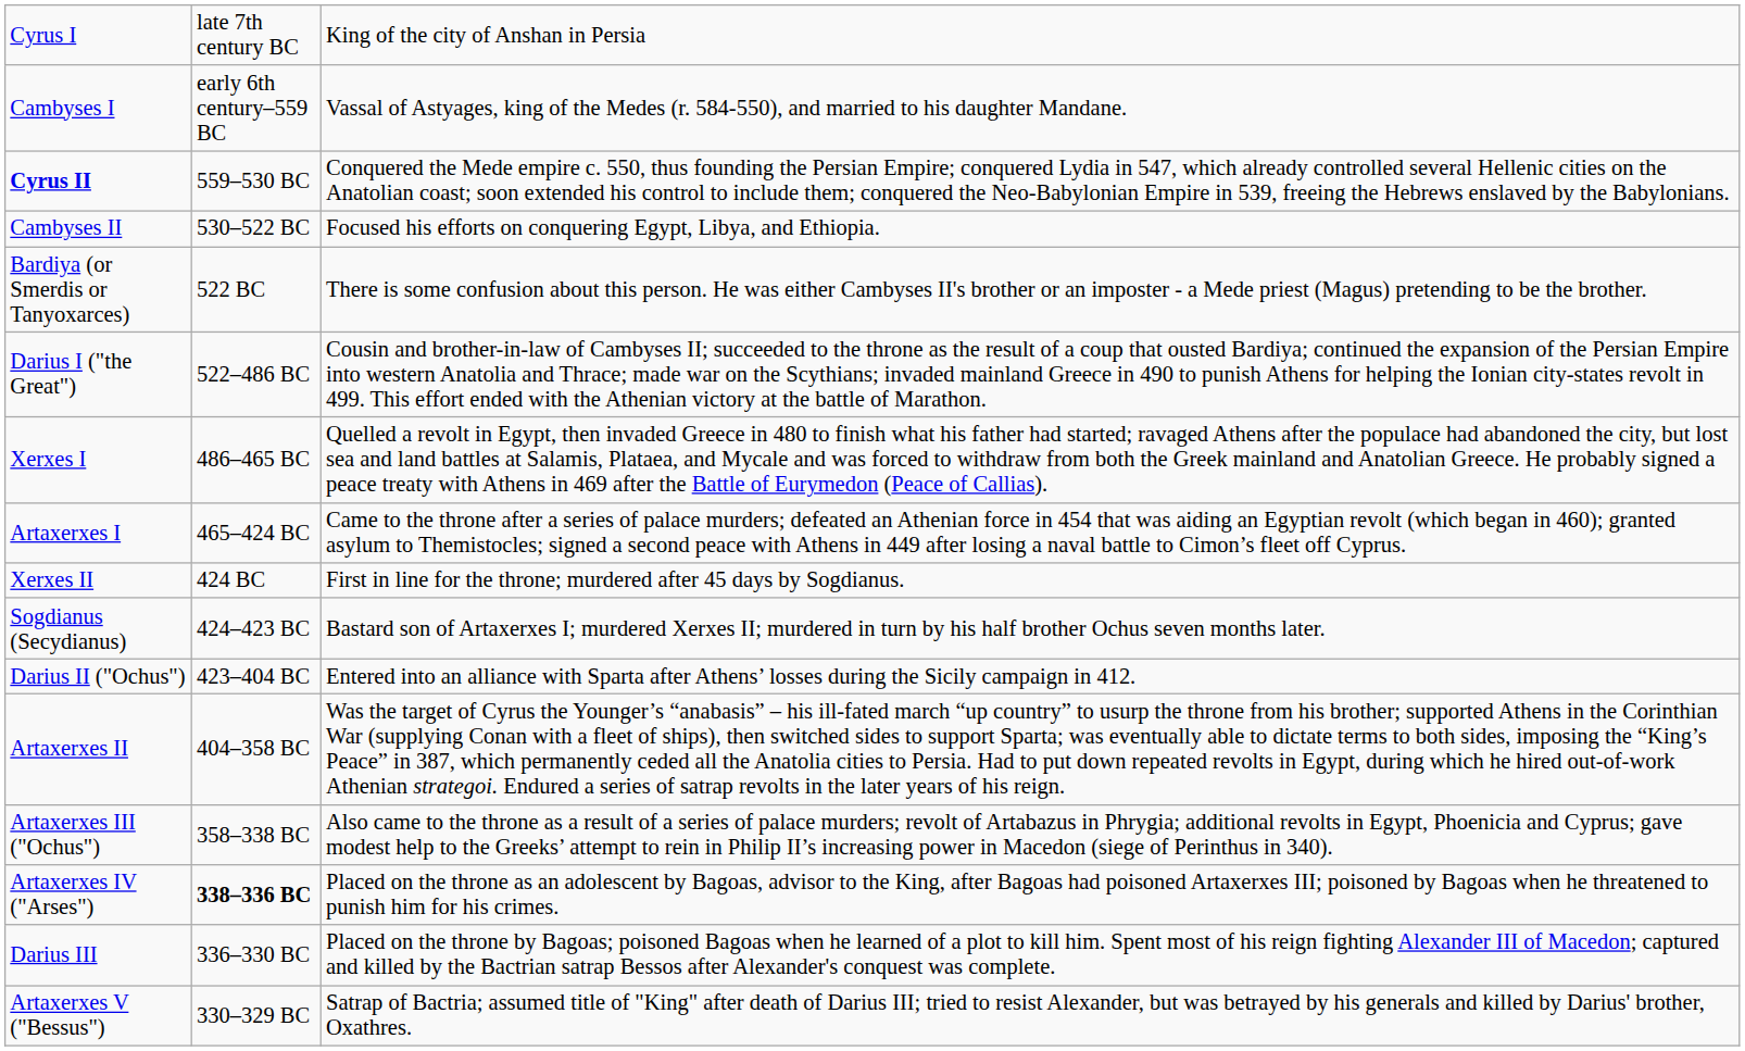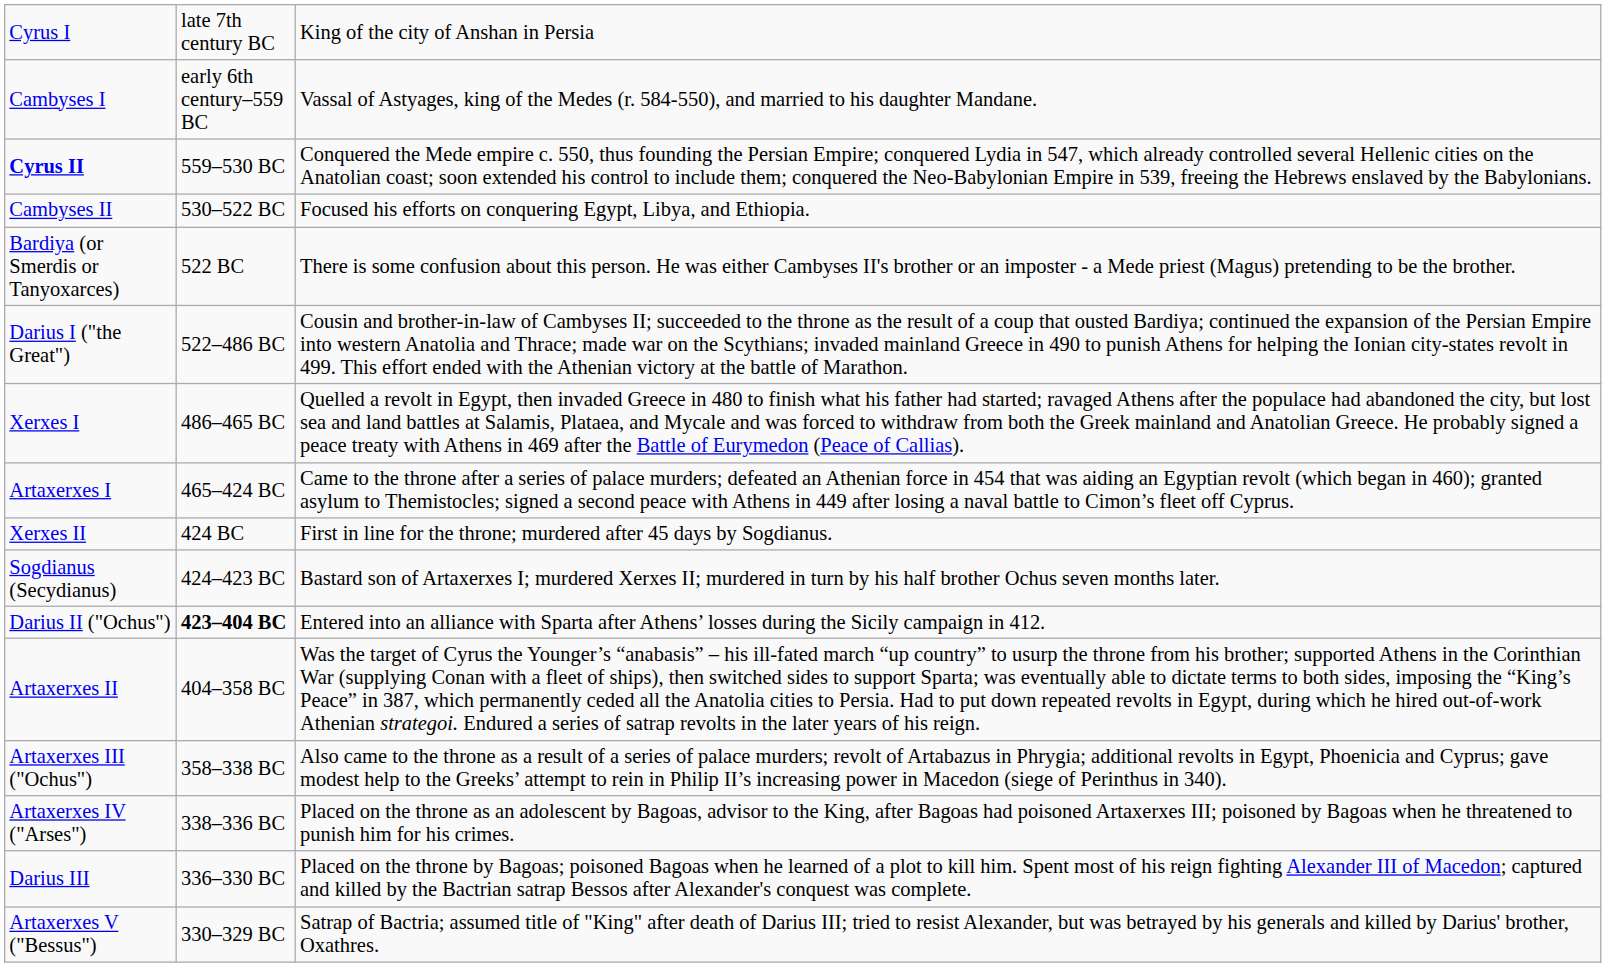 <table class="wikitable" align="center">
 <tr>
 <td><a href='#'>Cyrus I</a></td>
 <td>late 7th century BC</td>
 <td>King of the city of Anshan in Persia</td>
 </tr>
 <tr>
 <td><a href='#'>Cambyses I</a></td>
 <td>early 6th century–559 BC</td>
 <td>Vassal of Astyages, king of the Medes (r. 584-550), and married to his daughter Mandane.</td>
 </tr>
 <tr>
 <td><a href='#'><strong>Cyrus II</strong></a></td>
 <td>559–530 BC</td>
 <td>Conquered the Mede empire c. 550, thus founding the Persian Empire; conquered Lydia in 547, which already controlled several Hellenic cities on the Anatolian coast; soon extended his control to include them; conquered the Neo-Babylonian Empire in 539, freeing the Hebrews enslaved by the Babylonians.</td>
 </tr>
 <tr>
 <td><a href='#'>Cambyses II</a></td>
 <td>530–522 BC</td>
 <td>Focused his efforts on conquering Egypt, Libya, and Ethiopia.</td>
 </tr>
 <tr>
 <td><a href='#'>Bardiya</a> (or Smerdis or Tanyoxarces)</td>
 <td>522 BC</td>
 <td>There is some confusion about this person. He was either Cambyses II's brother or an imposter - a Mede priest (Magus) pretending to be the brother.</td>
 </tr>
 <tr>
 <td><a href='#'>Darius I</a> ("the Great")</td>
 <td>522–486 BC</td>
 <td>Cousin and brother-in-law of Cambyses II; succeeded to the throne as the result of a coup that ousted Bardiya; continued the expansion of the Persian Empire into western Anatolia and Thrace; made war on the Scythians; invaded mainland Greece in 490 to punish Athens for helping the Ionian city-states revolt in 499. This effort ended with the Athenian victory at the battle of Marathon.</td>
 </tr>
 <tr>
 <td><a href='#'>Xerxes I</a></td>
 <td>486–465 BC</td>
 <td>Quelled a revolt in Egypt, then invaded Greece in 480 to finish what his father had started; ravaged Athens after the populace had abandoned the city, but lost sea and land battles at Salamis, Plataea, and Mycale and was forced to withdraw from both the Greek mainland and Anatolian Greece. He probably signed a peace treaty with Athens in 469 after the <a href='#'>Battle of Eurymedon</a> (<a href='#'>Peace of Callias</a>).</td>
 </tr>
 <tr>
 <td><a href='#'>Artaxerxes I</a></td>
 <td>465–424 BC</td>
 <td>Came to the throne after a series of palace murders; defeated an Athenian force in 454 that was aiding an Egyptian revolt (which began in 460); granted asylum to Themistocles; signed a second peace with Athens in 449 after losing a naval battle to Cimon’s fleet off Cyprus.</td>
 </tr>
 <tr>
 <td><a href='#'>Xerxes II</a></td>
 <td>424 BC</td>
 <td>First in line for the throne; murdered after 45 days by Sogdianus.</td>
 </tr>
 <tr>
 <td><a href='#'>Sogdianus</a> (Secydianus)</td>
 <td>424–423 BC</td>
 <td>Bastard son of Artaxerxes I; murdered Xerxes II; murdered in turn by his half brother Ochus seven months later.</td>
 </tr>
 <tr>
 <td><a href='#'>Darius II</a> ("Ochus")</td>
-<td>423–404 BC</td>
+<td><strong>423–404 BC</strong></td>
 <td>Entered into an alliance with Sparta after Athens’ losses during the Sicily campaign in 412.</td>
 </tr>
 <tr>
 <td><a href='#'>Artaxerxes II</a></td>
 <td>404–358 BC</td>
 <td>Was the target of Cyrus the Younger’s “anabasis” – his ill-fated march “up country” to usurp the throne from his brother; supported Athens in the Corinthian War (supplying Conan with a fleet of ships), then switched sides to support Sparta; was eventually able to dictate terms to both sides, imposing the “King’s Peace” in 387, which permanently ceded all the Anatolia cities to Persia. Had to put down repeated revolts in Egypt, during which he hired out-of-work Athenian <em>strategoi.</em> Endured a series of satrap revolts in the later years of his reign.</td>
 </tr>
 <tr>
 <td><a href='#'>Artaxerxes III</a> ("Ochus")</td>
 <td>358–338 BC</td>
 <td>Also came to the throne as a result of a series of palace murders; revolt of Artabazus in Phrygia; additional revolts in Egypt, Phoenicia and Cyprus; gave modest help to the Greeks’ attempt to rein in Philip II’s increasing power in Macedon (siege of Perinthus in 340).</td>
 </tr>
 <tr>
 <td><a href='#'>Artaxerxes IV</a> ("Arses")</td>
-<td><strong>338–336 BC</strong></td>
+<td>338–336 BC</td>
 <td>Placed on the throne as an adolescent by Bagoas, advisor to the King, after Bagoas had poisoned Artaxerxes III; poisoned by Bagoas when he threatened to punish him for his crimes.</td>
 </tr>
 <tr>
 <td><a href='#'>Darius III</a></td>
 <td>336–330 BC</td>
 <td>Placed on the throne by Bagoas; poisoned Bagoas when he learned of a plot to kill him. Spent most of his reign fighting <a href='#'>Alexander III of Macedon</a>; captured and killed by the Bactrian satrap Bessos after Alexander's conquest was complete.</td>
 </tr>
 <tr>
 <td><a href='#'>Artaxerxes V</a> ("Bessus")</td>
 <td>330–329 BC</td>
 <td>Satrap of Bactria; assumed title of "King" after death of Darius III; tried to resist Alexander, but was betrayed by his generals and killed by Darius' brother, Oxathres.</td>
 </tr>
 </table>
